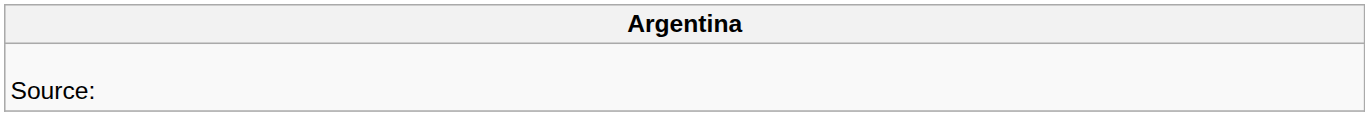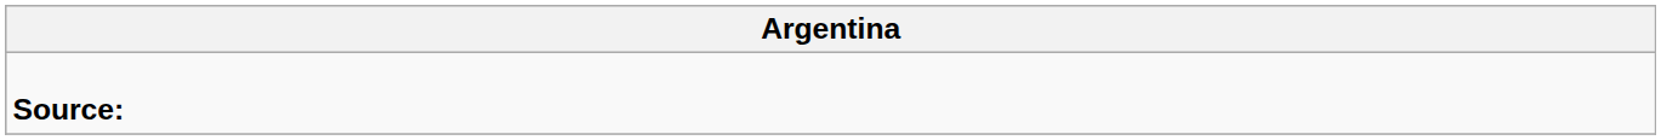 <table style="width:100%" class="wikitable collapsible collapsed">
 <tr>
 <th>Argentina</th>
 </tr>
 <tr>
-<td><br> Source: </td>
+<td><strong><br> Source: </strong></td>
 </tr>
 </table>
